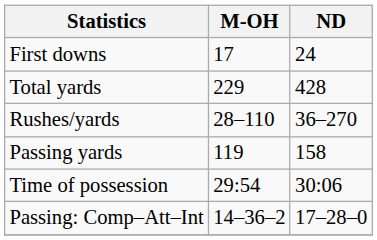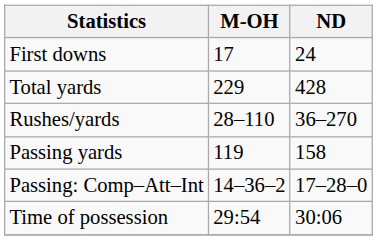 <table class="wikitable" style="float: left;">
 <tr>
 <th>Statistics</th>
 <th>M-OH</th>
 <th>ND</th>
 </tr>
 <tr>
 <td>First downs</td>
 <td>17</td>
 <td>24</td>
 </tr>
 <tr>
 <td>Total yards</td>
 <td>229</td>
 <td>428</td>
 </tr>
 <tr>
 <td>Rushes/yards</td>
 <td>28–110</td>
 <td>36–270</td>
 </tr>
 <tr>
 <td>Passing yards</td>
 <td>119</td>
 <td>158</td>
 </tr>
 <tr>
+<td>Passing: Comp–Att–Int</td>
+<td>14–36–2</td>
+<td>17–28–0</td>
+</tr>
+<tr>
 <td>Time of possession</td>
 <td>29:54</td>
 <td>30:06</td>
 </tr>
 <tr>
-<td>Passing: Comp–Att–Int</td>
-<td>14–36–2</td>
-<td>17–28–0</td>
-</tr>
-<tr>
 </tr>
 </table>
